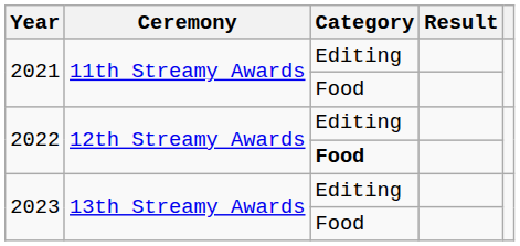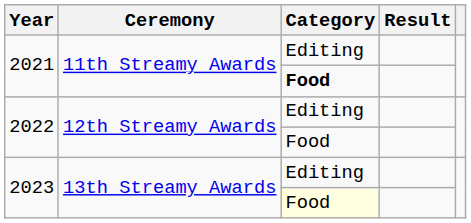 <table class="wikitable">
 <tr>
 <th>Year</th>
 <th>Ceremony</th>
 <th>Category</th>
 <th>Result</th>
 <th></th>
 </tr>
 <tr>
 <td rowspan="2">2021</td>
 <td rowspan="2"><a href='#'>11th Streamy Awards</a></td>
 <td>Editing</td>
 <td></td>
 <td rowspan="2"></td>
 </tr>
 <tr>
-<td>Food</td>
+<td><strong>Food</strong></td>
 <td></td>
 </tr>
 <tr>
 <td rowspan="2">2022</td>
 <td rowspan="2"><a href='#'>12th Streamy Awards</a></td>
 <td>Editing</td>
 <td></td>
 <td rowspan="2"></td>
 </tr>
 <tr>
-<td><strong>Food</strong></td>
+<td>Food</td>
 <td></td>
 </tr>
 <tr>
 <td rowspan="2">2023</td>
 <td rowspan="2"><a href='#'>13th Streamy Awards</a></td>
 <td>Editing</td>
 <td></td>
 <td rowspan="2"></td>
 </tr>
 <tr>
-<td>Food</td>
+<td style="background: lightyellow;">Food</td>
 <td></td>
 </tr>
 </table>
